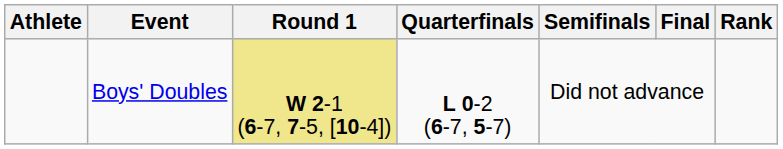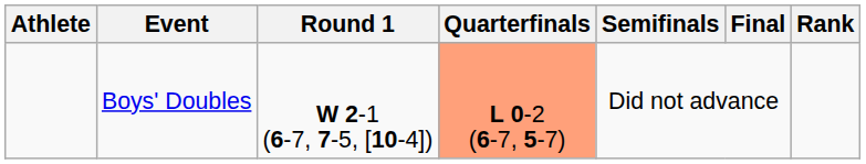 <table class=wikitable style="font-size:90%">
 <tr>
 <th>Athlete</th>
 <th>Event</th>
 <th>Round 1</th>
 <th>Quarterfinals</th>
 <th>Semifinals</th>
 <th>Final</th>
 <th>Rank</th>
 </tr>
 <tr>
 <td> <br></td>
 <td><a href='#'>Boys' Doubles</a></td>
-<td align=center style="background: khaki;"><br><br><strong>W</strong> <strong>2</strong>-1<br> (<strong>6</strong>-7, <strong>7</strong>-5, [<strong>10</strong>-4])</td>
-<td align=center><br><br><strong>L</strong> <strong>0</strong>-2<br> (<strong>6</strong>-7, <strong>5</strong>-7)</td>
+<td align=center><br><br><strong>W</strong> <strong>2</strong>-1<br> (<strong>6</strong>-7, <strong>7</strong>-5, [<strong>10</strong>-4])</td>
+<td align=center style="background: lightsalmon;"><br><br><strong>L</strong> <strong>0</strong>-2<br> (<strong>6</strong>-7, <strong>5</strong>-7)</td>
 <td colspan=2 align=center>Did not advance</td>
 <td align=center></td>
 </tr>
 </table>
